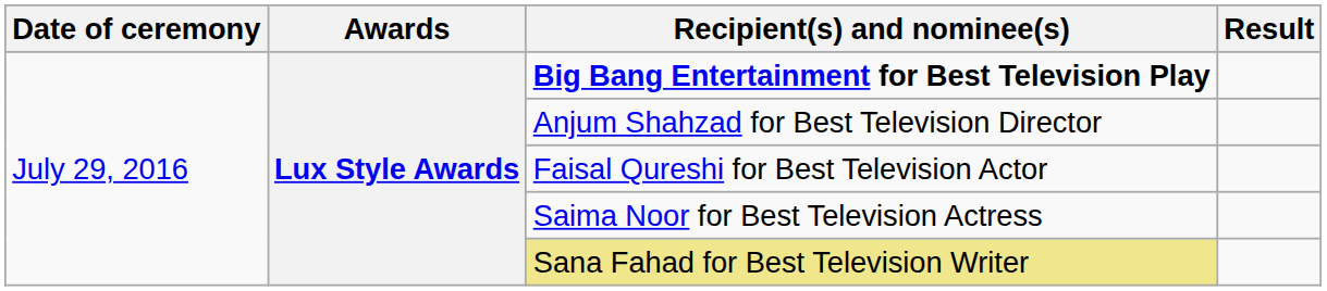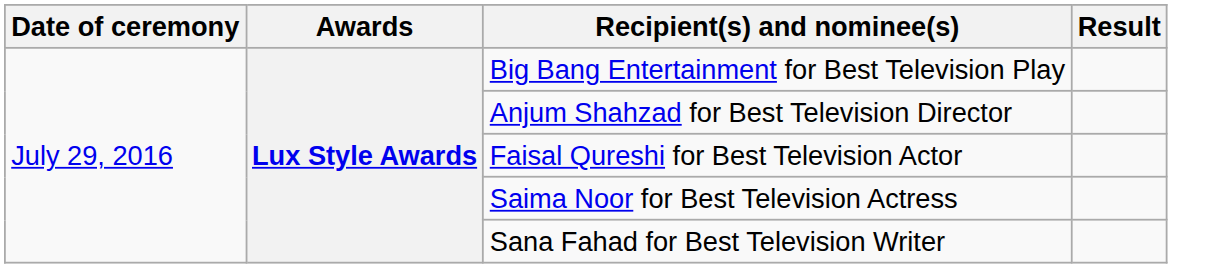 <table class="wikitable plainrowheaders sortable" style="font-size: 95%;">
 <tr>
 <th scope="col">Date of ceremony</th>
 <th scope="col">Awards</th>
 <th scope="col">Recipient(s) and nominee(s)</th>
 <th scope="col">Result</th>
 </tr>
 <tr>
 <td scope="row" rowspan="5"><a href='#'>July 29, 2016</a></td>
 <th scope="row" rowspan="5"><a href='#'>Lux Style Awards</a></th>
-<td><strong><a href='#'>Big Bang Entertainment</a> for Best Television Play</strong></td>
+<td><a href='#'>Big Bang Entertainment</a> for Best Television Play</td>
 <td></td>
 </tr>
 <tr>
 <td><a href='#'>Anjum Shahzad</a> for Best Television Director</td>
 <td></td>
 </tr>
 <tr>
 <td><a href='#'>Faisal Qureshi</a> for Best Television Actor</td>
 <td></td>
 </tr>
 <tr>
 <td><a href='#'>Saima Noor</a> for Best Television Actress</td>
 <td></td>
 </tr>
 <tr>
-<td style="background: khaki;">Sana Fahad for Best Television Writer</td>
+<td>Sana Fahad for Best Television Writer</td>
 <td></td>
 </tr>
 </table>
